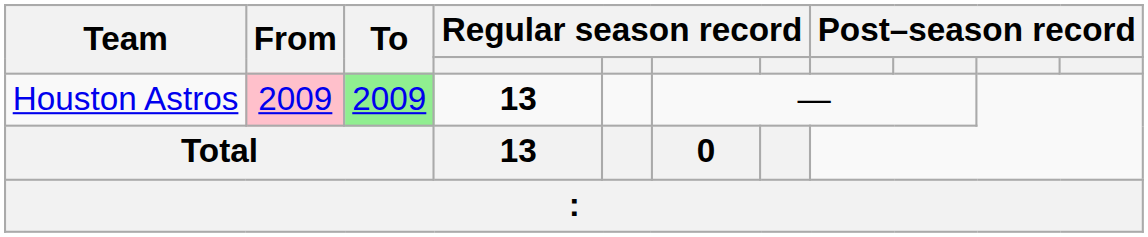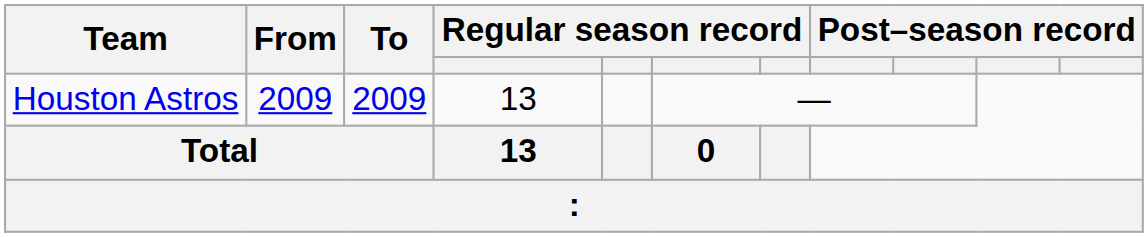 <table class="wikitable" Style="text-align: center">
 <tr>
 <th rowspan="2">Team</th>
 <th rowspan="2">From</th>
 <th rowspan="2">To</th>
 <th colspan="4">Regular season record</th>
 <th colspan="4">Post–season record</th>
 </tr>
 <tr>
 <th></th>
 <th></th>
 <th></th>
 <th></th>
 <th></th>
 <th></th>
 <th></th>
 <th></th>
 </tr>
 <tr>
 <td><a href='#'>Houston Astros</a></td>
-<td style="background: pink;"><a href='#'>2009</a></td>
-<td style="background: lightgreen;"><a href='#'>2009</a></td>
-<td><strong>13</strong></td>
+<td><a href='#'>2009</a></td>
+<td><a href='#'>2009</a></td>
+<td>13</td>
 <td></td>
 <td colspan="4">—</td>
 </tr>
 <tr>
 <th colspan="3">Total</th>
 <th>13</th>
 <th></th>
 <th>0</th>
 <th></th>
 </tr>
 <tr>
 <th colspan="11">:</th>
 </tr>
 </table>
